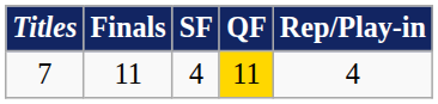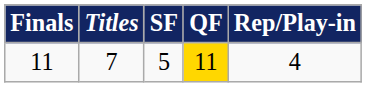 <table class="wikitable" style="text-align: center;">
 <tr>
+<th style=background-color:#122562;color:#ffffff>Finals</th>
 <th style=background-color:#122562;color:#ffffff><em>Titles</em></th>
-<th style=background-color:#122562;color:#ffffff>Finals</th>
 <th style=background-color:#122562;color:#ffffff>SF</th>
 <th style=background-color:#122562;color:#ffffff>QF</th>
 <th style=background-color:#122562;color:#ffffff>Rep/Play-in</th>
 </tr>
 <tr>
+<td>11</td>
 <td>7</td>
-<td>11</td>
-<td>4</td>
+<td>5</td>
 <td style="background: gold;">11</td>
 <td>4</td>
 </tr>
 </table>
